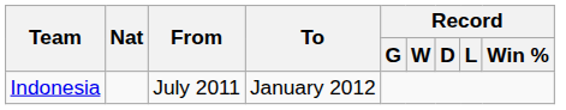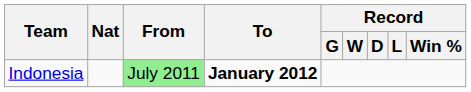 <table class="wikitable" style="text-align:center">
 <tr>
 <th rowspan="2">Team</th>
 <th rowspan="2">Nat</th>
 <th rowspan="2">From</th>
 <th rowspan="2">To</th>
 <th colspan="5">Record</th>
 </tr>
 <tr>
 <th>G</th>
 <th>W</th>
 <th>D</th>
 <th>L</th>
 <th>Win %</th>
 </tr>
 <tr>
 <td align=left><a href='#'>Indonesia</a></td>
 <td></td>
-<td align=left>July 2011</td>
-<td align=left>January 2012<br></td>
+<td align=left style="background: lightgreen;">July 2011</td>
+<td align=left><strong>January 2012<br></strong></td>
 </tr>
 </table>
